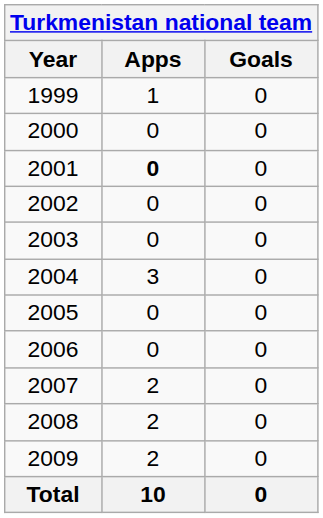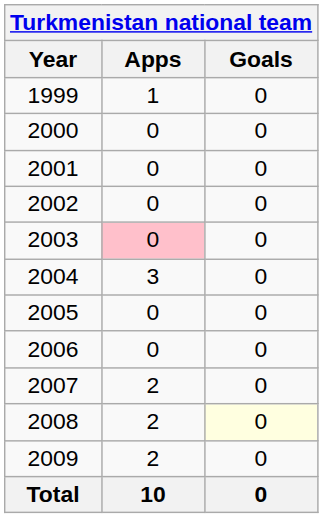 <table class="wikitable" style="text-align:center">
 <tr>
 <th colspan=3><a href='#'>Turkmenistan national team</a></th>
 </tr>
 <tr>
 <th>Year</th>
 <th>Apps</th>
 <th>Goals</th>
 </tr>
 <tr>
 <td>1999</td>
 <td>1</td>
 <td>0</td>
 </tr>
 <tr>
 <td>2000</td>
 <td>0</td>
 <td>0</td>
 </tr>
 <tr>
 <td>2001</td>
-<td><strong>0</strong></td>
+<td>0</td>
 <td>0</td>
 </tr>
 <tr>
 <td>2002</td>
 <td>0</td>
 <td>0</td>
 </tr>
 <tr>
 <td>2003</td>
-<td>0</td>
+<td style="background: pink;">0</td>
 <td>0</td>
 </tr>
 <tr>
 <td>2004</td>
 <td>3</td>
 <td>0</td>
 </tr>
 <tr>
 <td>2005</td>
 <td>0</td>
 <td>0</td>
 </tr>
 <tr>
 <td>2006</td>
 <td>0</td>
 <td>0</td>
 </tr>
 <tr>
 <td>2007</td>
 <td>2</td>
 <td>0</td>
 </tr>
 <tr>
 <td>2008</td>
 <td>2</td>
-<td>0</td>
+<td style="background: lightyellow;">0</td>
 </tr>
 <tr>
 <td>2009</td>
 <td>2</td>
 <td>0</td>
 </tr>
 <tr>
 <th>Total</th>
 <th>10</th>
 <th>0</th>
 </tr>
 </table>
